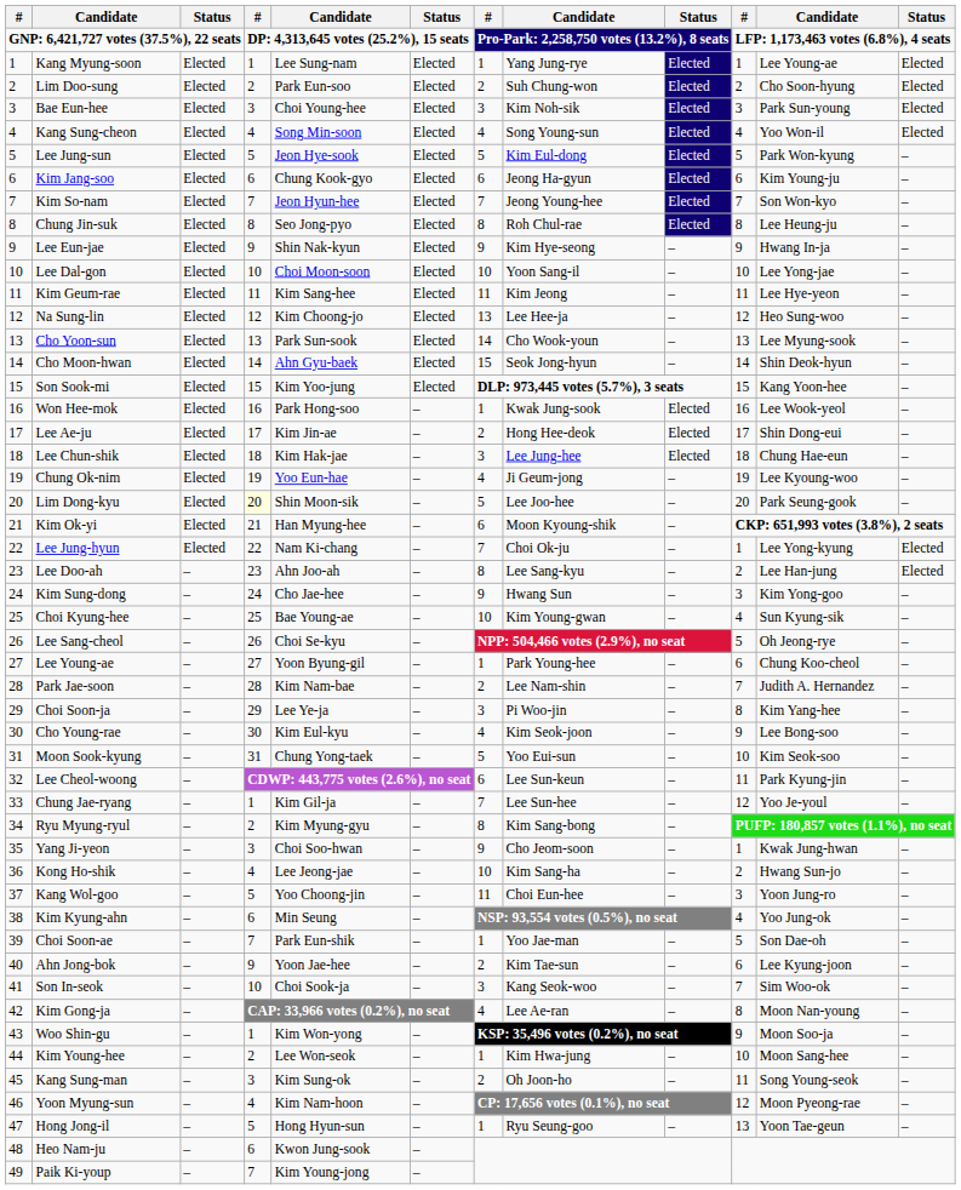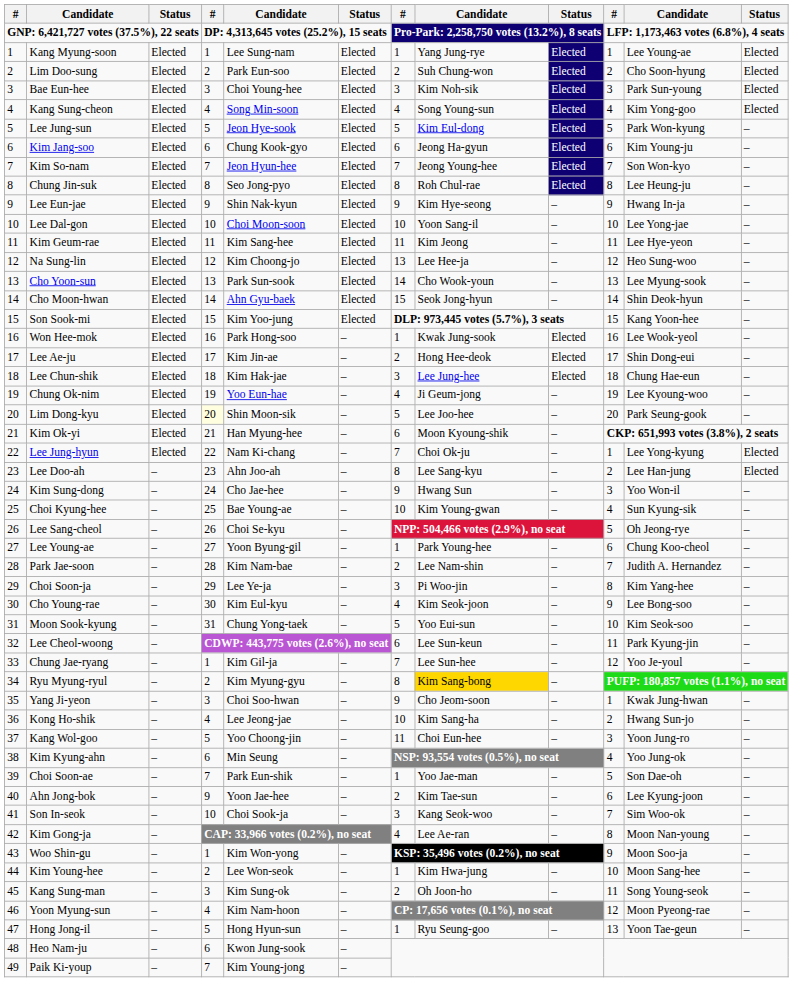 <table class="wikitable" style="font-size:85%;">
 <tr>
 <th>#</th>
 <th>Candidate</th>
 <th>Status</th>
 <th>#</th>
 <th>Candidate</th>
 <th>Status</th>
 <th>#</th>
 <th>Candidate</th>
 <th>Status</th>
 <th>#</th>
 <th>Candidate</th>
 <th>Status</th>
 </tr>
 <tr>
 <td colspan="3" style="background:"><strong>GNP: 6,421,727 votes (37.5%), 22 seats</strong></td>
 <td colspan="3" style="background:"><strong>DP: 4,313,645 votes (25.2%), 15 seats</strong></td>
 <td colspan="3" style="background:#0E0072; color:white"><strong>Pro-Park: 2,258,750 votes (13.2%), 8 seats</strong></td>
 <td colspan="3" style="background:"><strong>LFP: 1,173,463 votes (6.8%), 4 seats</strong></td>
 </tr>
 <tr>
 <td>1</td>
 <td>Kang Myung-soon</td>
 <td style="background:">Elected</td>
 <td>1</td>
 <td>Lee Sung-nam</td>
 <td style="background:">Elected</td>
 <td>1</td>
 <td>Yang Jung-rye</td>
 <td style="background:#0E0072; color:white">Elected</td>
 <td>1</td>
 <td>Lee Young-ae</td>
 <td style="background:">Elected</td>
 </tr>
 <tr>
 <td>2</td>
 <td>Lim Doo-sung</td>
 <td style="background:">Elected</td>
 <td>2</td>
 <td>Park Eun-soo</td>
 <td style="background:">Elected</td>
 <td>2</td>
 <td>Suh Chung-won</td>
 <td style="background:#0E0072; color:white">Elected</td>
 <td>2</td>
 <td>Cho Soon-hyung</td>
 <td style="background:">Elected</td>
 </tr>
 <tr>
 <td>3</td>
 <td>Bae Eun-hee</td>
 <td style="background:">Elected</td>
 <td>3</td>
 <td>Choi Young-hee</td>
 <td style="background:">Elected</td>
 <td>3</td>
 <td>Kim Noh-sik</td>
 <td style="background:#0E0072; color:white">Elected</td>
 <td>3</td>
 <td>Park Sun-young</td>
 <td style="background:">Elected</td>
 </tr>
 <tr>
 <td>4</td>
 <td>Kang Sung-cheon</td>
 <td style="background:">Elected</td>
 <td>4</td>
 <td><a href='#'>Song Min-soon</a></td>
 <td style="background:">Elected</td>
 <td>4</td>
 <td>Song Young-sun</td>
 <td style="background:#0E0072; color:white">Elected</td>
 <td>4</td>
-<td>Yoo Won-il</td>
+<td>Kim Yong-goo</td>
 <td style="background:">Elected</td>
 </tr>
 <tr>
 <td>5</td>
 <td>Lee Jung-sun</td>
 <td style="background:">Elected</td>
 <td>5</td>
 <td><a href='#'>Jeon Hye-sook</a></td>
 <td style="background:">Elected</td>
 <td>5</td>
 <td><a href='#'>Kim Eul-dong</a></td>
 <td style="background:#0E0072; color:white">Elected</td>
 <td>5</td>
 <td>Park Won-kyung</td>
 <td>–</td>
 </tr>
 <tr>
 <td>6</td>
 <td><a href='#'>Kim Jang-soo</a></td>
 <td style="background:">Elected</td>
 <td>6</td>
 <td>Chung Kook-gyo</td>
 <td style="background:">Elected</td>
 <td>6</td>
 <td>Jeong Ha-gyun</td>
 <td style="background:#0E0072; color:white">Elected</td>
 <td>6</td>
 <td>Kim Young-ju</td>
 <td>–</td>
 </tr>
 <tr>
 <td>7</td>
 <td>Kim So-nam</td>
 <td style="background:">Elected</td>
 <td>7</td>
 <td><a href='#'>Jeon Hyun-hee</a></td>
 <td style="background:">Elected</td>
 <td>7</td>
 <td>Jeong Young-hee</td>
 <td style="background:#0E0072; color:white">Elected</td>
 <td>7</td>
 <td>Son Won-kyo</td>
 <td>–</td>
 </tr>
 <tr>
 <td>8</td>
 <td>Chung Jin-suk</td>
 <td style="background:">Elected</td>
 <td>8</td>
 <td>Seo Jong-pyo</td>
 <td style="background:">Elected</td>
 <td>8</td>
 <td>Roh Chul-rae</td>
 <td style="background:#0E0072; color:white">Elected</td>
 <td>8</td>
 <td>Lee Heung-ju</td>
 <td>–</td>
 </tr>
 <tr>
 <td>9</td>
 <td>Lee Eun-jae</td>
 <td style="background:">Elected</td>
 <td>9</td>
 <td>Shin Nak-kyun</td>
 <td style="background:">Elected</td>
 <td>9</td>
 <td>Kim Hye-seong</td>
 <td>–</td>
 <td>9</td>
 <td>Hwang In-ja</td>
 <td>–</td>
 </tr>
 <tr>
 <td>10</td>
 <td>Lee Dal-gon</td>
 <td style="background:">Elected</td>
 <td>10</td>
 <td><a href='#'>Choi Moon-soon</a></td>
 <td style="background:">Elected</td>
 <td>10</td>
 <td>Yoon Sang-il</td>
 <td>–</td>
 <td>10</td>
 <td>Lee Yong-jae</td>
 <td>–</td>
 </tr>
 <tr>
 <td>11</td>
 <td>Kim Geum-rae</td>
 <td style="background:">Elected</td>
 <td>11</td>
 <td>Kim Sang-hee</td>
 <td style="background:">Elected</td>
 <td>11</td>
 <td>Kim Jeong</td>
 <td>–</td>
 <td>11</td>
 <td>Lee Hye-yeon</td>
 <td>–</td>
 </tr>
 <tr>
 <td>12</td>
 <td>Na Sung-lin</td>
 <td style="background:">Elected</td>
 <td>12</td>
 <td>Kim Choong-jo</td>
 <td style="background:">Elected</td>
 <td>13</td>
 <td>Lee Hee-ja</td>
 <td>–</td>
 <td>12</td>
 <td>Heo Sung-woo</td>
 <td>–</td>
 </tr>
 <tr>
 <td>13</td>
 <td><a href='#'>Cho Yoon-sun</a></td>
 <td style="background:">Elected</td>
 <td>13</td>
 <td>Park Sun-sook</td>
 <td style="background:">Elected</td>
 <td>14</td>
 <td>Cho Wook-youn</td>
 <td>–</td>
 <td>13</td>
 <td>Lee Myung-sook</td>
 <td>–</td>
 </tr>
 <tr>
 <td>14</td>
 <td>Cho Moon-hwan</td>
 <td style="background:">Elected</td>
 <td>14</td>
 <td><a href='#'>Ahn Gyu-baek</a></td>
 <td style="background:">Elected</td>
 <td>15</td>
 <td>Seok Jong-hyun</td>
 <td>–</td>
 <td>14</td>
 <td>Shin Deok-hyun</td>
 <td>–</td>
 </tr>
 <tr>
 <td>15</td>
 <td>Son Sook-mi</td>
 <td style="background:">Elected</td>
 <td>15</td>
 <td>Kim Yoo-jung</td>
 <td style="background:">Elected</td>
 <td colspan="3" style="background:"><strong>DLP: 973,445 votes (5.7%), 3 seats</strong></td>
 <td>15</td>
 <td>Kang Yoon-hee</td>
 <td>–</td>
 </tr>
 <tr>
 <td>16</td>
 <td>Won Hee-mok</td>
 <td style="background:">Elected</td>
 <td>16</td>
 <td>Park Hong-soo</td>
 <td>–</td>
 <td>1</td>
 <td>Kwak Jung-sook</td>
 <td style="background:">Elected</td>
 <td>16</td>
 <td>Lee Wook-yeol</td>
 <td>–</td>
 </tr>
 <tr>
 <td>17</td>
 <td>Lee Ae-ju</td>
 <td style="background:">Elected</td>
 <td>17</td>
 <td>Kim Jin-ae</td>
 <td>–</td>
 <td>2</td>
 <td>Hong Hee-deok</td>
 <td style="background:">Elected</td>
 <td>17</td>
 <td>Shin Dong-eui</td>
 <td>–</td>
 </tr>
 <tr>
 <td>18</td>
 <td>Lee Chun-shik</td>
 <td style="background:">Elected</td>
 <td>18</td>
 <td>Kim Hak-jae</td>
 <td>–</td>
 <td>3</td>
 <td><a href='#'>Lee Jung-hee</a></td>
 <td style="background:">Elected</td>
 <td>18</td>
 <td>Chung Hae-eun</td>
 <td>–</td>
 </tr>
 <tr>
 <td>19</td>
 <td>Chung Ok-nim</td>
 <td style="background:">Elected</td>
 <td>19</td>
 <td><a href='#'>Yoo Eun-hae</a></td>
 <td>–</td>
 <td>4</td>
 <td>Ji Geum-jong</td>
 <td>–</td>
 <td>19</td>
 <td>Lee Kyoung-woo</td>
 <td>–</td>
 </tr>
 <tr>
 <td>20</td>
 <td>Lim Dong-kyu</td>
 <td style="background:">Elected</td>
 <td style="background: lightyellow;">20</td>
 <td>Shin Moon-sik</td>
 <td>–</td>
 <td>5</td>
 <td>Lee Joo-hee</td>
 <td>–</td>
 <td>20</td>
 <td>Park Seung-gook</td>
 <td>–</td>
 </tr>
 <tr>
 <td>21</td>
 <td>Kim Ok-yi</td>
 <td style="background:">Elected</td>
 <td>21</td>
 <td>Han Myung-hee</td>
 <td>–</td>
 <td>6</td>
 <td>Moon Kyoung-shik</td>
 <td>–</td>
 <td colspan="3" style="background:"><strong>CKP: 651,993 votes (3.8%), 2 seats</strong></td>
 </tr>
 <tr>
 <td>22</td>
 <td><a href='#'>Lee Jung-hyun</a></td>
 <td style="background:">Elected</td>
 <td>22</td>
 <td>Nam Ki-chang</td>
 <td>–</td>
 <td>7</td>
 <td>Choi Ok-ju</td>
 <td>–</td>
 <td>1</td>
 <td>Lee Yong-kyung</td>
 <td style="background:">Elected</td>
 </tr>
 <tr>
 <td>23</td>
 <td>Lee Doo-ah</td>
 <td>–</td>
 <td>23</td>
 <td>Ahn Joo-ah</td>
 <td>–</td>
 <td>8</td>
 <td>Lee Sang-kyu</td>
 <td>–</td>
 <td>2</td>
 <td>Lee Han-jung</td>
 <td style="background:">Elected</td>
 </tr>
 <tr>
 <td>24</td>
 <td>Kim Sung-dong</td>
 <td>–</td>
 <td>24</td>
 <td>Cho Jae-hee</td>
 <td>–</td>
 <td>9</td>
 <td>Hwang Sun</td>
 <td>–</td>
 <td>3</td>
-<td>Kim Yong-goo</td>
+<td>Yoo Won-il</td>
 <td>–</td>
 </tr>
 <tr>
 <td>25</td>
 <td>Choi Kyung-hee</td>
 <td>–</td>
 <td>25</td>
 <td>Bae Young-ae</td>
 <td>–</td>
 <td>10</td>
 <td>Kim Young-gwan</td>
 <td>–</td>
 <td>4</td>
 <td>Sun Kyung-sik</td>
 <td>–</td>
 </tr>
 <tr>
 <td>26</td>
 <td>Lee Sang-cheol</td>
 <td>–</td>
 <td>26</td>
 <td>Choi Se-kyu</td>
 <td>–</td>
 <td colspan="3" style="background:#DC143C; color:white"><strong>NPP: 504,466 votes (2.9%), no seat</strong></td>
 <td>5</td>
 <td>Oh Jeong-rye</td>
 <td>–</td>
 </tr>
 <tr>
 <td>27</td>
 <td>Lee Young-ae</td>
 <td>–</td>
 <td>27</td>
 <td>Yoon Byung-gil</td>
 <td>–</td>
 <td>1</td>
 <td>Park Young-hee</td>
 <td>–</td>
 <td>6</td>
 <td>Chung Koo-cheol</td>
 <td>–</td>
 </tr>
 <tr>
 <td>28</td>
 <td>Park Jae-soon</td>
 <td>–</td>
 <td>28</td>
 <td>Kim Nam-bae</td>
 <td>–</td>
 <td>2</td>
 <td>Lee Nam-shin</td>
 <td>–</td>
 <td>7</td>
 <td>Judith A. Hernandez</td>
 <td>–</td>
 </tr>
 <tr>
 <td>29</td>
 <td>Choi Soon-ja</td>
 <td>–</td>
 <td>29</td>
 <td>Lee Ye-ja</td>
 <td>–</td>
 <td>3</td>
 <td>Pi Woo-jin</td>
 <td>–</td>
 <td>8</td>
 <td>Kim Yang-hee</td>
 <td>–</td>
 </tr>
 <tr>
 <td>30</td>
 <td>Cho Young-rae</td>
 <td>–</td>
 <td>30</td>
 <td>Kim Eul-kyu</td>
 <td>–</td>
 <td>4</td>
 <td>Kim Seok-joon</td>
 <td>–</td>
 <td>9</td>
 <td>Lee Bong-soo</td>
 <td>–</td>
 </tr>
 <tr>
 <td>31</td>
 <td>Moon Sook-kyung</td>
 <td>–</td>
 <td>31</td>
 <td>Chung Yong-taek</td>
 <td>–</td>
 <td>5</td>
 <td>Yoo Eui-sun</td>
 <td>–</td>
 <td>10</td>
 <td>Kim Seok-soo</td>
 <td>–</td>
 </tr>
 <tr>
 <td>32</td>
 <td>Lee Cheol-woong</td>
 <td>–</td>
 <td colspan="3" style="background:#BA55D3; color:white"><strong>CDWP: 443,775 votes (2.6%), no seat</strong></td>
 <td>6</td>
 <td>Lee Sun-keun</td>
 <td>–</td>
 <td>11</td>
 <td>Park Kyung-jin</td>
 <td>–</td>
 </tr>
 <tr>
 <td>33</td>
 <td>Chung Jae-ryang</td>
 <td>–</td>
 <td>1</td>
 <td>Kim Gil-ja</td>
 <td>–</td>
 <td>7</td>
 <td>Lee Sun-hee</td>
 <td>–</td>
 <td>12</td>
 <td>Yoo Je-youl</td>
 <td>–</td>
 </tr>
 <tr>
 <td>34</td>
 <td>Ryu Myung-ryul</td>
 <td>–</td>
 <td>2</td>
 <td>Kim Myung-gyu</td>
 <td>–</td>
 <td>8</td>
-<td>Kim Sang-bong</td>
+<td style="background: gold;">Kim Sang-bong</td>
 <td>–</td>
 <td colspan="3" style="background:#1DDB16; color:white"><strong>PUFP: 180,857 votes (1.1%), no seat</strong></td>
 </tr>
 <tr>
 <td>35</td>
 <td>Yang Ji-yeon</td>
 <td>–</td>
 <td>3</td>
 <td>Choi Soo-hwan</td>
 <td>–</td>
 <td>9</td>
 <td>Cho Jeom-soon</td>
 <td>–</td>
 <td>1</td>
 <td>Kwak Jung-hwan</td>
 <td>–</td>
 </tr>
 <tr>
 <td>36</td>
 <td>Kong Ho-shik</td>
 <td>–</td>
 <td>4</td>
 <td>Lee Jeong-jae</td>
 <td>–</td>
 <td>10</td>
 <td>Kim Sang-ha</td>
 <td>–</td>
 <td>2</td>
 <td>Hwang Sun-jo</td>
 <td>–</td>
 </tr>
 <tr>
 <td>37</td>
 <td>Kang Wol-goo</td>
 <td>–</td>
 <td>5</td>
 <td>Yoo Choong-jin</td>
 <td>–</td>
 <td>11</td>
 <td>Choi Eun-hee</td>
 <td>–</td>
 <td>3</td>
 <td>Yoon Jung-ro</td>
 <td>–</td>
 </tr>
 <tr>
 <td>38</td>
 <td>Kim Kyung-ahn</td>
 <td>–</td>
 <td>6</td>
 <td>Min Seung</td>
 <td>–</td>
 <td colspan="3" style="background:grey; color:white"><strong>NSP: 93,554 votes (0.5%), no seat</strong></td>
 <td>4</td>
 <td>Yoo Jung-ok</td>
 <td>–</td>
 </tr>
 <tr>
 <td>39</td>
 <td>Choi Soon-ae</td>
 <td>–</td>
 <td>7</td>
 <td>Park Eun-shik</td>
 <td>–</td>
 <td>1</td>
 <td>Yoo Jae-man</td>
 <td>–</td>
 <td>5</td>
 <td>Son Dae-oh</td>
 <td>–</td>
 </tr>
 <tr>
 <td>40</td>
 <td>Ahn Jong-bok</td>
 <td>–</td>
 <td>9</td>
 <td>Yoon Jae-hee</td>
 <td>–</td>
 <td>2</td>
 <td>Kim Tae-sun</td>
 <td>–</td>
 <td>6</td>
 <td>Lee Kyung-joon</td>
 <td>–</td>
 </tr>
 <tr>
 <td>41</td>
 <td>Son In-seok</td>
 <td>–</td>
 <td>10</td>
 <td>Choi Sook-ja</td>
 <td>–</td>
 <td>3</td>
 <td>Kang Seok-woo</td>
 <td>–</td>
 <td>7</td>
 <td>Sim Woo-ok</td>
 <td>–</td>
 </tr>
 <tr>
 <td>42</td>
 <td>Kim Gong-ja</td>
 <td>–</td>
 <td colspan="3" style="background:grey; color:white"><strong>CAP: 33,966 votes (0.2%), no seat</strong></td>
 <td>4</td>
 <td>Lee Ae-ran</td>
 <td>–</td>
 <td>8</td>
 <td>Moon Nan-young</td>
 <td>–</td>
 </tr>
 <tr>
 <td>43</td>
 <td>Woo Shin-gu</td>
 <td>–</td>
 <td>1</td>
 <td>Kim Won-yong</td>
 <td>–</td>
 <td colspan="3" style="background:black; color:white"><strong>KSP: 35,496 votes (0.2%), no seat</strong></td>
 <td>9</td>
 <td>Moon Soo-ja</td>
 <td>–</td>
 </tr>
 <tr>
 <td>44</td>
 <td>Kim Young-hee</td>
 <td>–</td>
 <td>2</td>
 <td>Lee Won-seok</td>
 <td>–</td>
 <td>1</td>
 <td>Kim Hwa-jung</td>
 <td>–</td>
 <td>10</td>
 <td>Moon Sang-hee</td>
 <td>–</td>
 </tr>
 <tr>
 <td>45</td>
 <td>Kang Sung-man</td>
 <td>–</td>
 <td>3</td>
 <td>Kim Sung-ok</td>
 <td>–</td>
 <td>2</td>
 <td>Oh Joon-ho</td>
 <td>–</td>
 <td>11</td>
 <td>Song Young-seok</td>
 <td>–</td>
 </tr>
 <tr>
 <td>46</td>
 <td>Yoon Myung-sun</td>
 <td>–</td>
 <td>4</td>
 <td>Kim Nam-hoon</td>
 <td>–</td>
 <td colspan="3" style="background:grey; color:white"><strong>CP: 17,656 votes (0.1%), no seat</strong></td>
 <td>12</td>
 <td>Moon Pyeong-rae</td>
 <td>–</td>
 </tr>
 <tr>
 <td>47</td>
 <td>Hong Jong-il</td>
 <td>–</td>
 <td>5</td>
 <td>Hong Hyun-sun</td>
 <td>–</td>
 <td>1</td>
 <td>Ryu Seung-goo</td>
 <td>–</td>
 <td>13</td>
 <td>Yoon Tae-geun</td>
 <td>–</td>
 </tr>
 <tr>
 <td>48</td>
 <td>Heo Nam-ju</td>
 <td>–</td>
 <td>6</td>
 <td>Kwon Jung-sook</td>
 <td>–</td>
 <td colspan="3" rowspan="2"></td>
 <td colspan="3" rowspan="2"></td>
 </tr>
 <tr>
 <td>49</td>
 <td>Paik Ki-youp</td>
 <td>–</td>
 <td>7</td>
 <td>Kim Young-jong</td>
 <td>–</td>
 </tr>
 </table>
